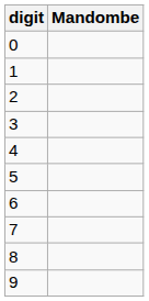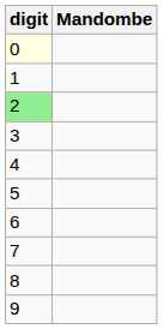 <table class="wikitable">
 <tr>
 <th>digit</th>
 <th>Mandombe</th>
 </tr>
 <tr>
-<td>0</td>
+<td style="background: lightyellow;">0</td>
 <td align="center"></td>
 </tr>
 <tr>
 <td>1</td>
 <td align="center"></td>
 </tr>
 <tr>
-<td>2</td>
+<td style="background: lightgreen;">2</td>
 <td align="center"></td>
 </tr>
 <tr>
 <td>3</td>
 <td align="center"></td>
 </tr>
 <tr>
 <td>4</td>
 <td align="center"></td>
 </tr>
 <tr>
 <td>5</td>
 <td align="center"></td>
 </tr>
 <tr>
 <td>6</td>
 <td align="center"></td>
 </tr>
 <tr>
 <td>7</td>
 <td align="center"></td>
 </tr>
 <tr>
 <td>8</td>
 <td align="center"></td>
 </tr>
 <tr>
 <td>9</td>
 <td align="center"></td>
 </tr>
 </table>
